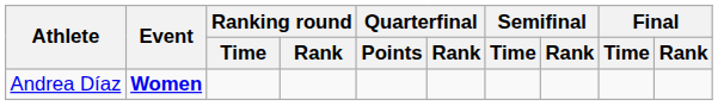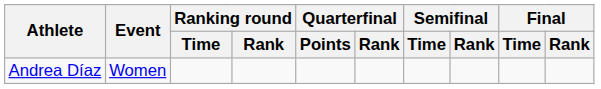 <table class="wikitable" border="1" style="font-size:90%">
 <tr>
 <th rowspan=2>Athlete</th>
 <th rowspan=2>Event</th>
 <th colspan=2>Ranking round</th>
 <th colspan=2>Quarterfinal</th>
 <th colspan=2>Semifinal</th>
 <th colspan=2>Final</th>
 </tr>
 <tr>
 <th>Time</th>
 <th>Rank</th>
 <th>Points</th>
 <th>Rank</th>
 <th>Time</th>
 <th>Rank</th>
 <th>Time</th>
 <th>Rank</th>
 </tr>
 <tr>
 <td><a href='#'>Andrea Díaz</a></td>
-<td><strong><a href='#'>Women</a></strong></td>
+<td><a href='#'>Women</a></td>
 <td></td>
 <td></td>
 <td></td>
 <td></td>
 <td></td>
 <td></td>
 <td></td>
 <td></td>
 </tr>
 </table>
